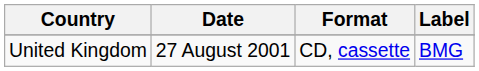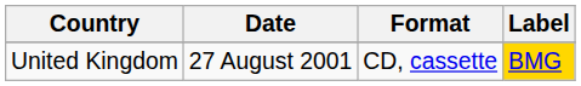 <table class="wikitable">
 <tr>
 <th>Country</th>
 <th>Date</th>
 <th>Format</th>
 <th>Label</th>
 </tr>
 <tr>
 </tr>
 <tr>
 <td>United Kingdom</td>
 <td rowspan="1">27 August 2001</td>
 <td rowspan="1">CD, <a href='#'>cassette</a></td>
-<td rowspan="1"><a href='#'>BMG</a></td>
+<td rowspan="1" style="background: gold;"><a href='#'>BMG</a></td>
 </tr>
 </table>
